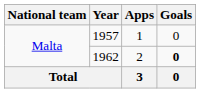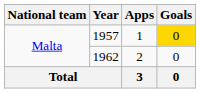 <table class="wikitable" style="text-align:center">
 <tr>
 <th>National team</th>
 <th>Year</th>
 <th>Apps</th>
 <th>Goals</th>
 </tr>
 <tr>
 <td rowspan="2"><a href='#'>Malta</a></td>
 <td>1957</td>
 <td>1</td>
-<td>0</td>
+<td style="background: gold;">0</td>
 </tr>
 <tr>
 <td>1962</td>
 <td>2</td>
-<td><strong>0</strong></td>
+<td>0</td>
 </tr>
 <tr>
 <th colspan="2">Total</th>
 <th>3</th>
 <th>0</th>
 </tr>
 </table>
